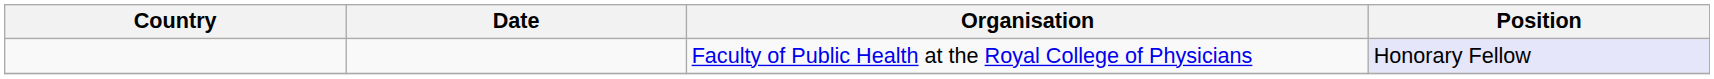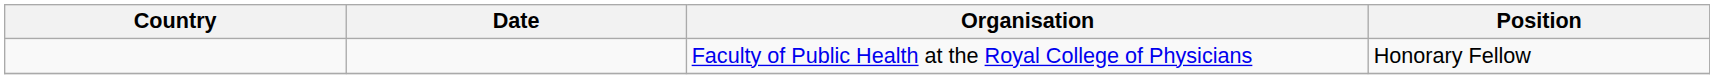 <table class="wikitable" style="width:100%;">
 <tr>
 <th style="width:20%;">Country</th>
 <th style="width:20%;">Date</th>
 <th style="width:40%;">Organisation</th>
 <th style="width:20%;">Position</th>
 </tr>
 <tr>
 <td></td>
 <td></td>
 <td><a href='#'>Faculty of Public Health</a> at the <a href='#'>Royal College of Physicians</a></td>
-<td style="background: lavender;">Honorary Fellow</td>
+<td>Honorary Fellow</td>
 </tr>
 <tr>
 </tr>
 </table>
